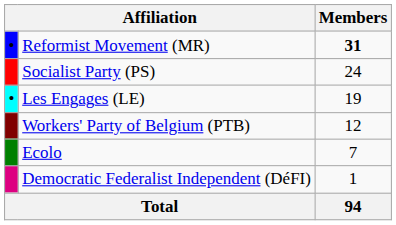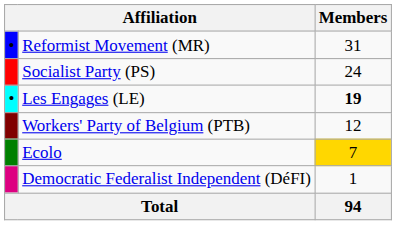 <table class="wikitable">
 <tr>
 <th colspan="2">Affiliation</th>
 <th>Members</th>
 </tr>
 <tr>
 <td style="background-color:blue;"><span>•</span></td>
 <td><a href='#'>Reformist Movement</a> (MR)</td>
-<td style="text-align:center;"><strong>31</strong></td>
+<td style="text-align:center;">31</td>
 </tr>
 <tr>
 <td style="background-color:red;"></td>
 <td><a href='#'>Socialist Party</a> (PS)</td>
 <td style="text-align:center;">24</td>
 </tr>
 <tr>
 <td style="background-color:aqua;"><span>•</span></td>
 <td><a href='#'>Les Engages</a> (LE)</td>
-<td style="text-align:center;">19</td>
+<td style="text-align:center;"><strong>19</strong></td>
 </tr>
 <tr>
 <td style="background-color:maroon"></td>
 <td><a href='#'>Workers' Party of Belgium</a> (PTB)</td>
 <td style="text-align:center;">12</td>
 </tr>
 <tr>
 <td style="background-color:green;"><span></span></td>
 <td><a href='#'>Ecolo</a></td>
-<td style="text-align:center;">7</td>
+<td style="background: gold; text-align:center;">7</td>
 </tr>
 <tr>
 <td style="background-color:#DD0081"></td>
 <td><a href='#'>Democratic Federalist Independent</a> (DéFI)</td>
 <td style="text-align:center;">1</td>
 </tr>
 <tr>
 <th colspan="2">Total</th>
 <th>94</th>
 </tr>
 </table>
